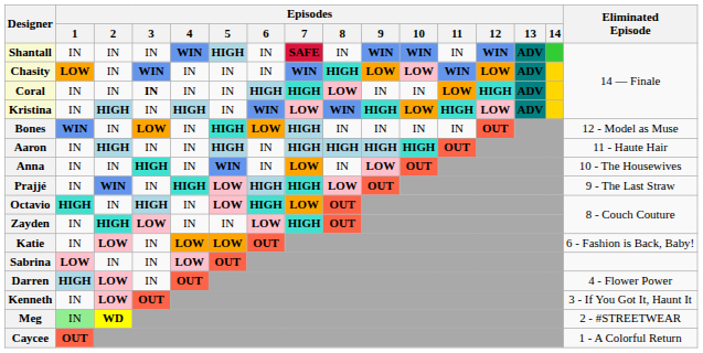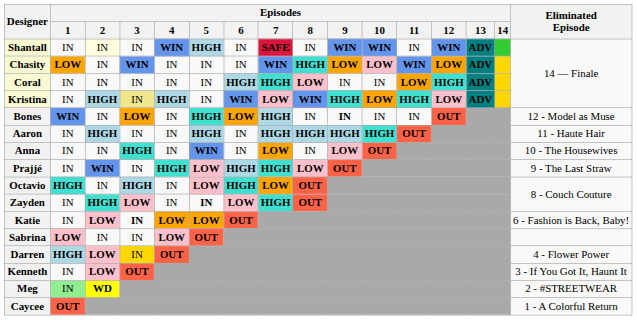 <table class="wikitable" style="text-align:center">
 <tr>
 <th rowspan="2"><strong>Designer</strong></th>
 <th colspan="14"><strong>Episodes</strong></th>
 <th rowspan="2"><strong>Eliminated<br> Episode</strong></th>
 </tr>
 <tr>
 <th>1</th>
 <th>2</th>
 <th>3</th>
 <th>4</th>
 <th>5</th>
 <th>6</th>
 <th>7</th>
 <th>8</th>
 <th>9</th>
 <th>10</th>
 <th>11</th>
 <th>12</th>
 <th>13</th>
 <th>14</th>
 </tr>
 <tr>
 <th style="background:#FAFAD2;">Shantall</th>
 <td>IN</td>
-<td>IN</td>
+<td style="background: lightyellow;">IN</td>
 <td>IN</td>
 <td style="background:cornflowerblue;"><strong>WIN</strong></td>
 <td style="background:lightblue;"><strong>HIGH</strong></td>
 <td>IN</td>
 <td style="background:crimson;"><strong>SAFE</strong></td>
 <td>IN</td>
 <td style="background:cornflowerblue;"><strong>WIN</strong></td>
 <td style="background:cornflowerblue;"><strong>WIN</strong></td>
 <td>IN</td>
 <td style="background:cornflowerblue;"><strong>WIN</strong></td>
 <td style="background:teal;"><strong>ADV</strong></td>
 <td style="background:limegreen;"></td>
 <td rowspan="4">14 — Finale</td>
 </tr>
 <tr>
 <th style="background:#FAFAD2;">Chasity</th>
 <td style="background:orange;"><strong>LOW</strong></td>
 <td>IN</td>
 <td style="background:cornflowerblue;"><strong>WIN</strong></td>
 <td>IN</td>
 <td>IN</td>
 <td>IN</td>
 <td style="background:cornflowerblue;"><strong>WIN</strong></td>
 <td style="background:turquoise;"><strong>HIGH</strong></td>
 <td style="background:orange;"><strong>LOW</strong></td>
 <td style="background:pink;"><strong>LOW</strong></td>
 <td style="background:cornflowerblue;"><strong>WIN</strong></td>
 <td style="background:orange;"><strong>LOW</strong></td>
 <td style="background:teal;"><strong>ADV</strong></td>
 <td style="background:gold;"></td>
 </tr>
 <tr>
 <th style="background:#FAFAD2;">Coral</th>
 <td>IN</td>
 <td>IN</td>
-<td><strong>IN</strong></td>
+<td>IN</td>
 <td>IN</td>
 <td>IN</td>
 <td style="background:lightblue;"><strong>HIGH</strong></td>
 <td style="background:turquoise;"><strong>HIGH</strong></td>
 <td style="background:pink;"><strong>LOW</strong></td>
 <td>IN</td>
 <td>IN</td>
 <td style="background:orange;"><strong>LOW</strong></td>
 <td style="background:turquoise;"><strong>HIGH</strong></td>
 <td style="background:teal;"><strong>ADV</strong></td>
 <td style="background:gold;"></td>
 </tr>
 <tr>
 <th style="background:#FAFAD2;">Kristina</th>
 <td>IN</td>
 <td style="background:lightblue;"><strong>HIGH</strong></td>
-<td>IN</td>
+<td style="background: khaki;">IN</td>
 <td style="background:lightblue;"><strong>HIGH</strong></td>
 <td>IN</td>
 <td style="background:cornflowerblue;"><strong>WIN</strong></td>
 <td style="background:pink;"><strong>LOW</strong></td>
 <td style="background:cornflowerblue;"><strong>WIN</strong></td>
 <td style="background:turquoise;"><strong>HIGH</strong></td>
 <td style="background:orange;"><strong>LOW</strong></td>
 <td style="background:turquoise;"><strong>HIGH</strong></td>
 <td style="background:pink;"><strong>LOW</strong></td>
 <td style="background:teal;"><strong>ADV</strong></td>
 <td style="background:gold;"></td>
 </tr>
 <tr>
 <th>Bones</th>
 <td style="background:cornflowerblue;"><strong>WIN</strong></td>
 <td>IN</td>
 <td style="background:orange;"><strong>LOW</strong></td>
 <td>IN</td>
 <td style="background:turquoise;"><strong>HIGH</strong></td>
 <td style="background:orange;"><strong>LOW</strong></td>
 <td style="background:lightblue;"><strong>HIGH</strong></td>
 <td>IN</td>
-<td>IN</td>
+<td><strong>IN</strong></td>
 <td>IN</td>
 <td>IN</td>
 <td style="background:tomato;"><strong>OUT</strong></td>
 <td style="background:darkgrey;" colspan="2"></td>
 <td>12 - Model as Muse</td>
 </tr>
 <tr>
 <th>Aaron</th>
 <td>IN</td>
 <td style="background:lightblue;"><strong>HIGH</strong></td>
 <td>IN</td>
 <td>IN</td>
 <td style="background:lightblue;"><strong>HIGH</strong></td>
 <td>IN</td>
 <td style="background:lightblue;"><strong>HIGH</strong></td>
 <td style="background:lightblue;"><strong>HIGH</strong></td>
 <td style="background:lightblue;"><strong>HIGH</strong></td>
 <td style="background:turquoise;"><strong>HIGH</strong></td>
 <td style="background:tomato;"><strong>OUT</strong></td>
 <td style="background:darkgrey;" colspan="3"></td>
 <td>11 - Haute Hair</td>
 </tr>
 <tr>
 <th>Anna</th>
 <td>IN</td>
 <td>IN</td>
 <td style="background:turquoise;"><strong>HIGH</strong></td>
 <td>IN</td>
 <td style="background:cornflowerblue;"><strong>WIN</strong></td>
 <td>IN</td>
 <td style="background:orange;"><strong>LOW</strong></td>
 <td>IN</td>
 <td style="background:pink;"><strong>LOW</strong></td>
 <td style="background:tomato;"><strong>OUT</strong></td>
 <td style="background:darkgrey;" colspan="4"></td>
 <td>10 - The Housewives</td>
 </tr>
 <tr>
 <th>Prajjé</th>
 <td>IN</td>
 <td style="background:cornflowerblue;"><strong>WIN</strong></td>
 <td>IN</td>
 <td style="background:turquoise;"><strong>HIGH</strong></td>
 <td style="background:pink;"><strong>LOW</strong></td>
 <td style="background:lightblue;"><strong>HIGH</strong></td>
 <td style="background:turquoise;"><strong>HIGH</strong></td>
 <td style="background:pink;"><strong>LOW</strong></td>
 <td style="background:tomato;"><strong>OUT</strong></td>
 <td style="background:darkgrey;" colspan="5"></td>
 <td>9 - The Last Straw</td>
 </tr>
 <tr>
 <th>Octavio</th>
 <td style="background:turquoise;"><strong>HIGH</strong></td>
 <td>IN</td>
 <td style="background:lightblue;"><strong>HIGH</strong></td>
 <td>IN</td>
 <td style="background:pink;"><strong>LOW</strong></td>
 <td style="background:turquoise;"><strong>HIGH</strong></td>
 <td style="background:orange;"><strong>LOW</strong></td>
 <td style="background:tomato;"><strong>OUT</strong></td>
 <td style="background:darkgrey;" colspan="6"></td>
 <td rowspan="2">8 - Couch Couture</td>
 </tr>
 <tr>
 <th>Zayden</th>
 <td>IN</td>
 <td style="background:turquoise;"><strong>HIGH</strong></td>
 <td style="background:pink;"><strong>LOW</strong></td>
 <td>IN</td>
-<td>IN</td>
+<td><strong>IN</strong></td>
 <td style="background:pink;"><strong>LOW</strong></td>
 <td style="background:turquoise;"><strong>HIGH</strong></td>
 <td style="background:tomato;"><strong>OUT</strong></td>
 <td style="background:darkgrey;" colspan="6"></td>
 </tr>
 <tr>
 <th>Katie</th>
 <td>IN</td>
 <td style="background:pink;"><strong>LOW</strong></td>
-<td>IN</td>
+<td><strong>IN</strong></td>
 <td style="background:orange;"><strong>LOW</strong></td>
 <td style="background:orange;"><strong>LOW</strong></td>
 <td style="background:tomato;"><strong>OUT</strong></td>
 <td style="background:darkgrey;" colspan="8"></td>
 <td>6 - Fashion is Back, Baby!</td>
 </tr>
 <tr>
 <th>Sabrina</th>
 <td style="background:pink;"><strong>LOW</strong></td>
 <td>IN</td>
 <td>IN</td>
 <td style="background:pink;"><strong>LOW</strong></td>
 <td style="background:tomato;"><strong>OUT</strong></td>
 <td style="background:darkgrey;" colspan="9"></td>
 <td></td>
 </tr>
 <tr>
 <th>Darren</th>
 <td style="background:lightblue;"><strong>HIGH</strong></td>
 <td style="background:pink;"><strong>LOW</strong></td>
-<td>IN</td>
+<td style="background: gold;">IN</td>
 <td style="background:tomato;"><strong>OUT</strong></td>
 <td style="background:darkgrey;" colspan="10"></td>
 <td>4 - Flower Power</td>
 </tr>
 <tr>
 <th>Kenneth</th>
 <td>IN</td>
 <td style="background:pink;"><strong>LOW</strong></td>
 <td style="background:tomato;"><strong>OUT</strong></td>
 <td style="background:darkgrey;" colspan="11"></td>
 <td>3 - If You Got It, Haunt It</td>
 </tr>
 <tr>
 <th>Meg</th>
 <td style="background: lightgreen;">IN</td>
 <td style="background:yellow;"><strong>WD</strong></td>
 <td style="background:darkgrey;" colspan="12"></td>
 <td>2 - #STREETWEAR</td>
 </tr>
 <tr>
 <th>Caycee</th>
 <td style="background:tomato;"><strong>OUT</strong></td>
 <td style="background:darkgrey;" colspan="13"></td>
 <td>1 - A Colorful Return</td>
 </tr>
 </table>
